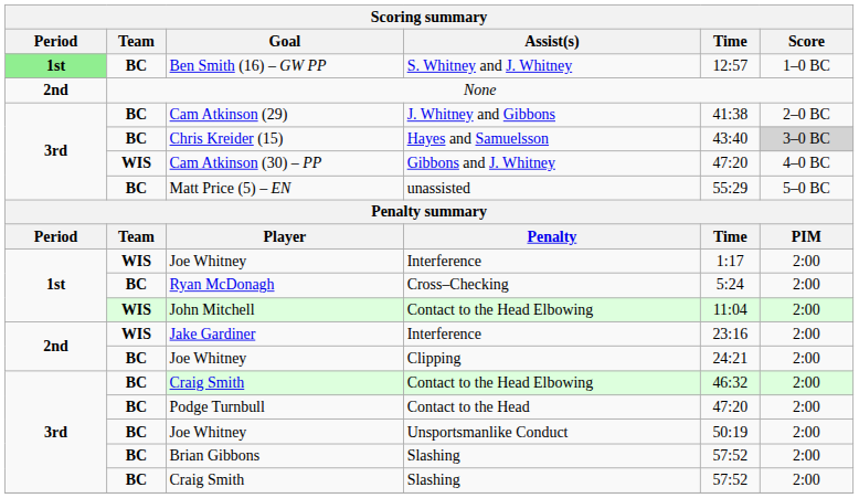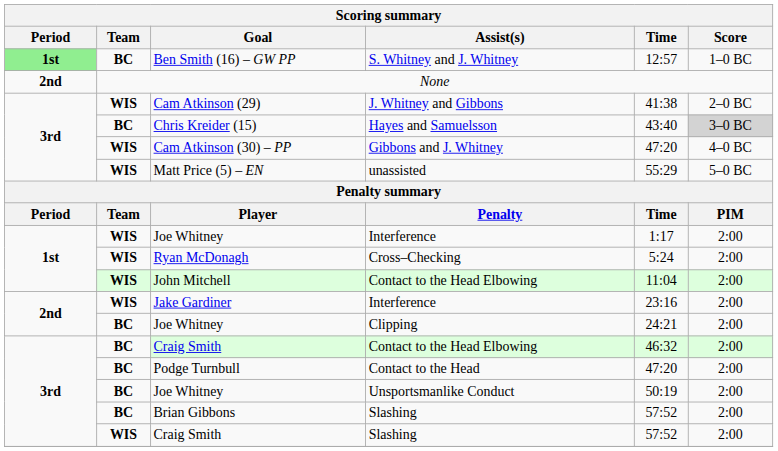 <table style="width:100%;" class="wikitable">
 <tr>
 <th colspan=6>Scoring summary</th>
 </tr>
 <tr>
 <th style="width:12%;">Period</th>
 <th style="width:7%;">Team</th>
 <th style="width:28%;">Goal</th>
 <th style="width:35%;">Assist(s)</th>
 <th style="width:7%;">Time</th>
 <th style="width:11%;">Score</th>
 </tr>
 <tr>
 <td style="background: lightgreen; text-align:center;" rowspan="1"><strong>1st</strong></td>
 <td align=center><strong>BC</strong></td>
 <td><a href='#'>Ben Smith</a> (16) – <em>GW PP</em></td>
 <td><a href='#'>S. Whitney</a> and <a href='#'>J. Whitney</a></td>
 <td align=center>12:57</td>
 <td align=center>1–0 BC</td>
 </tr>
 <tr>
 <td style="text-align:center;" rowspan="1"><strong>2nd</strong></td>
 <td style="text-align:center;" colspan="5"><em>None</em></td>
 </tr>
 <tr>
 <td style="text-align:center;" rowspan="4"><strong>3rd</strong></td>
-<td align=center><strong>BC</strong></td>
+<td align=center><strong>WIS</strong></td>
 <td><a href='#'>Cam Atkinson</a> (29)</td>
 <td><a href='#'>J. Whitney</a> and <a href='#'>Gibbons</a></td>
 <td align=center>41:38</td>
 <td align=center>2–0 BC</td>
 </tr>
 <tr>
 <td align=center><strong>BC</strong></td>
 <td><a href='#'>Chris Kreider</a> (15)</td>
 <td><a href='#'>Hayes</a> and <a href='#'>Samuelsson</a></td>
 <td align=center>43:40</td>
 <td align=center style="background: lightgrey;">3–0 BC</td>
 </tr>
 <tr>
 <td align=center><strong>WIS</strong></td>
 <td><a href='#'>Cam Atkinson</a> (30) – <em>PP</em></td>
 <td><a href='#'>Gibbons</a> and <a href='#'>J. Whitney</a></td>
 <td align=center>47:20</td>
 <td align=center>4–0 BC</td>
 </tr>
 <tr>
-<td align=center><strong>BC</strong></td>
+<td align=center><strong>WIS</strong></td>
 <td>Matt Price (5) – <em>EN</em></td>
 <td>unassisted</td>
 <td align=center>55:29</td>
 <td align=center>5–0 BC</td>
 </tr>
 <tr>
 <th colspan=6>Penalty summary</th>
 </tr>
 <tr>
 <th style="width:12%;">Period</th>
 <th style="width:7%;">Team</th>
 <th style="width:28%;">Player</th>
 <th style="width:35%;"><a href='#'>Penalty</a></th>
 <th style="width:7%;">Time</th>
 <th style="width:11%;">PIM</th>
 </tr>
 <tr>
 <td style="text-align:center;" rowspan="3"><strong>1st</strong></td>
 <td align=center><strong>WIS</strong></td>
 <td>Joe Whitney</td>
 <td>Interference</td>
 <td align=center>1:17</td>
 <td align=center>2:00</td>
 </tr>
 <tr>
-<td align=center><strong>BC</strong></td>
+<td align=center><strong>WIS</strong></td>
 <td><a href='#'>Ryan McDonagh</a></td>
 <td>Cross–Checking</td>
 <td align=center>5:24</td>
 <td align=center>2:00</td>
 </tr>
 <tr bgcolor=ddffdd>
 <td align=center><strong>WIS</strong></td>
 <td>John Mitchell</td>
 <td>Contact to the Head Elbowing</td>
 <td align=center>11:04</td>
 <td align=center>2:00</td>
 </tr>
 <tr>
 <td style="text-align:center;" rowspan="2"><strong>2nd</strong></td>
 <td align=center><strong>WIS</strong></td>
 <td><a href='#'>Jake Gardiner</a></td>
 <td>Interference</td>
 <td align=center>23:16</td>
 <td align=center>2:00</td>
 </tr>
 <tr>
 <td align=center><strong>BC</strong></td>
 <td>Joe Whitney</td>
 <td>Clipping</td>
 <td align=center>24:21</td>
 <td align=center>2:00</td>
 </tr>
 <tr>
 <td style="text-align:center;" rowspan="5"><strong>3rd</strong></td>
 <td align=center><strong>BC</strong></td>
 <td bgcolor=ddffdd><a href='#'>Craig Smith</a></td>
 <td bgcolor=ddffdd>Contact to the Head Elbowing</td>
 <td align=center bgcolor=ddffdd>46:32</td>
 <td align=center bgcolor=ddffdd>2:00</td>
 </tr>
 <tr>
 <td align=center><strong>BC</strong></td>
 <td>Podge Turnbull</td>
 <td>Contact to the Head</td>
 <td align=center>47:20</td>
 <td align=center>2:00</td>
 </tr>
 <tr>
 <td align=center><strong>BC</strong></td>
 <td>Joe Whitney</td>
 <td>Unsportsmanlike Conduct</td>
 <td align=center>50:19</td>
 <td align=center>2:00</td>
 </tr>
 <tr>
 <td align=center><strong>BC</strong></td>
 <td>Brian Gibbons</td>
 <td>Slashing</td>
 <td align=center>57:52</td>
 <td align=center>2:00</td>
 </tr>
 <tr>
-<td align=center><strong>BC</strong></td>
+<td align=center><strong>WIS</strong></td>
 <td>Craig Smith</td>
 <td>Slashing</td>
 <td align=center>57:52</td>
 <td align=center>2:00</td>
 </tr>
 <tr>
 </tr>
 </table>
